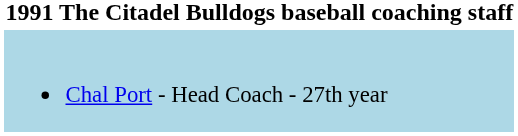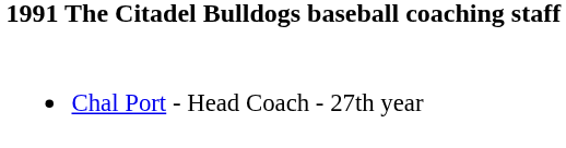 <table class="toccolours" style="text-align: left;">
 <tr>
 <th colspan="9">1991 The Citadel Bulldogs baseball coaching staff</th>
 </tr>
 <tr>
-<td style="background: lightblue; font-size: 95%;" valign="top"><br><ul><li><a href='#'>Chal Port</a> - Head Coach - 27th year</li></ul></td>
+<td style="font-size: 95%;" valign="top"><br><ul><li><a href='#'>Chal Port</a> - Head Coach - 27th year</li></ul></td>
 </tr>
 </table>
